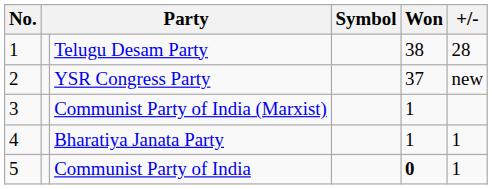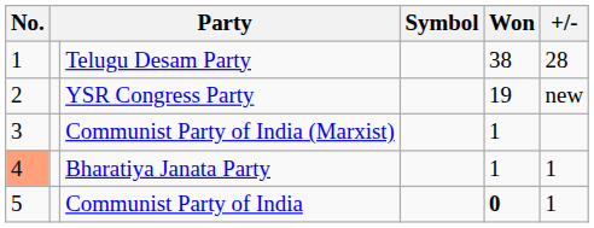 <table class="wikitable sortable">
 <tr>
 <th>No.</th>
 <th colspan="2">Party</th>
 <th>Symbol</th>
 <th>Won</th>
 <th>+/-</th>
 </tr>
 <tr>
 <td>1</td>
 <td></td>
 <td><a href='#'>Telugu Desam Party</a></td>
 <td></td>
 <td>38</td>
 <td> 28</td>
 </tr>
 <tr>
 <td>2</td>
 <td></td>
 <td><a href='#'>YSR Congress Party</a></td>
 <td></td>
-<td>37</td>
+<td>19</td>
 <td> new</td>
 </tr>
 <tr>
 <td>3</td>
 <td></td>
 <td><a href='#'>Communist Party of India (Marxist)</a></td>
 <td></td>
 <td>1</td>
 <td></td>
 </tr>
 <tr>
-<td>4</td>
+<td style="background: lightsalmon;">4</td>
 <td></td>
 <td><a href='#'>Bharatiya Janata Party</a></td>
 <td></td>
 <td>1</td>
 <td> 1</td>
 </tr>
 <tr>
 <td>5</td>
 <td></td>
 <td><a href='#'>Communist Party of India</a></td>
 <td></td>
 <td><strong>0</strong></td>
 <td> 1</td>
 </tr>
 </table>
